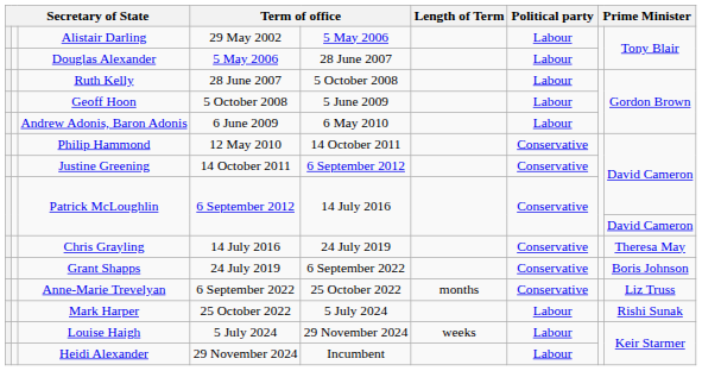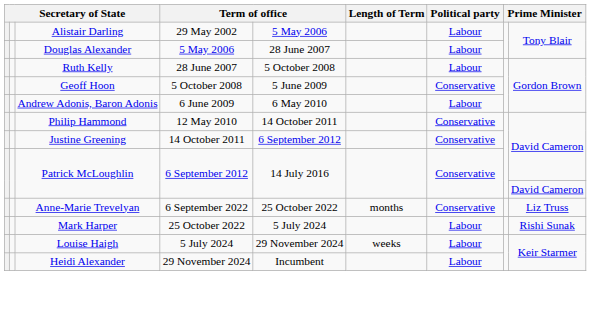 <table class="wikitable" style="text-align:center">
 <tr>
 <th colspan=3>Secretary of State</th>
 <th colspan=2 width=240>Term of office</th>
 <th>Length of Term</th>
 <th>Political party</th>
 <th colspan=2>Prime Minister</th>
 </tr>
 <tr style="height:1em">
 <th style="background-color:"></th>
 <td></td>
 <td><a href='#'>Alistair Darling</a><br></td>
 <td>29 May 2002</td>
 <td><a href='#'>5 May 2006</a></td>
 <td></td>
 <td width=100><a href='#'>Labour</a></td>
 <td rowspan=2 style="background-color:"></td>
 <td rowspan=2><a href='#'>Tony Blair</a></td>
 </tr>
 <tr style="height:1em">
 <th style="background-color:"></th>
 <td></td>
 <td><a href='#'>Douglas Alexander</a><br></td>
 <td><a href='#'>5 May 2006</a></td>
 <td>28 June 2007</td>
 <td></td>
 <td><a href='#'>Labour</a></td>
 </tr>
 <tr style="height:1em">
 <th style="background-color:"></th>
 <td></td>
 <td><a href='#'>Ruth Kelly</a><br></td>
 <td>28 June 2007</td>
 <td>5 October 2008</td>
 <td></td>
 <td><a href='#'>Labour</a></td>
 <td rowspan=3 style="background-color:"></td>
 <td rowspan=3><a href='#'>Gordon Brown</a></td>
 </tr>
 <tr style="height:1em">
 <th style="background-color:"></th>
 <td></td>
 <td><a href='#'>Geoff Hoon</a><br></td>
 <td>5 October 2008</td>
 <td>5 June 2009</td>
 <td></td>
-<td><a href='#'>Labour</a></td>
+<td><a href='#'>Conservative</a></td>
 </tr>
 <tr style="height:1em">
 <th style="background-color:"></th>
 <td></td>
 <td><a href='#'>Andrew Adonis, Baron Adonis</a></td>
 <td>6 June 2009</td>
 <td>6 May 2010</td>
 <td></td>
 <td><a href='#'>Labour</a></td>
 </tr>
 <tr style="height:1em">
 <th style="background-color:"></th>
 <td></td>
 <td><a href='#'>Philip Hammond</a><br></td>
 <td>12 May 2010</td>
 <td>14 October 2011</td>
 <td></td>
 <td><a href='#'>Conservative</a></td>
 <td rowspan=4 style="background-color:"></td>
 <td rowspan=3><a href='#'>David Cameron</a><br></td>
 </tr>
 <tr style="height:1em">
 <th style="background-color:"></th>
 <td></td>
 <td><a href='#'>Justine Greening</a><br></td>
 <td>14 October 2011</td>
 <td><a href='#'>6 September 2012</a></td>
 <td></td>
 <td><a href='#'>Conservative</a></td>
 </tr>
 <tr style= "height:45px">
 <th rowspan=2 style="background-color:"></th>
 <td rowspan=2></td>
 <td rowspan=2><a href='#'>Patrick McLoughlin</a><br></td>
 <td rowspan=2><a href='#'>6 September 2012</a></td>
 <td rowspan=2>14 July 2016</td>
 <td rowspan="2"></td>
 <td rowspan=2><a href='#'>Conservative</a></td>
 </tr>
 <tr>
 <td><a href='#'>David Cameron</a><br></td>
 </tr>
 <tr style="height:1em">
 <th style="background-color:"></th>
 <td></td>
-<td><a href='#'>Chris Grayling</a><br></td>
-<td>14 July 2016</td>
-<td>24 July 2019</td>
-<td></td>
-<td><a href='#'>Conservative</a></td>
-<td style="background-color:"></td>
-<td><a href='#'>Theresa May</a></td>
-</tr>
-<tr style="height:1em">
-<th style="background-color:"></th>
-<td></td>
-<td><a href='#'>Grant Shapps</a><br></td>
-<td>24 July 2019</td>
-<td>6 September 2022</td>
-<td></td>
-<td><a href='#'>Conservative</a></td>
-<td style="background-color:"></td>
-<td><a href='#'>Boris Johnson</a></td>
-</tr>
-<tr style="height:1em">
-<th style="background-color:"></th>
-<td></td>
 <td><a href='#'>Anne-Marie Trevelyan</a><br></td>
 <td>6 September 2022</td>
 <td>25 October 2022</td>
 <td> months</td>
 <td><a href='#'>Conservative</a></td>
 <td style="background-color:"></td>
 <td><a href='#'>Liz Truss</a></td>
 </tr>
 <tr style="height:1em">
 <th style="background-color:"></th>
 <td></td>
 <td><a href='#'>Mark Harper</a><br></td>
 <td>25 October 2022</td>
 <td>5 July 2024</td>
 <td></td>
 <td><a href='#'>Labour</a></td>
 <td style="background-color:"></td>
 <td><a href='#'>Rishi Sunak</a></td>
 </tr>
 <tr style="height:1em">
 <th style="background-color:"></th>
 <td></td>
 <td><a href='#'>Louise Haigh</a><br></td>
 <td>5 July 2024</td>
 <td>29 November 2024</td>
 <td> weeks</td>
 <td><a href='#'>Labour</a></td>
 <td rowspan="2" style="background-color:"></td>
 <td rowspan="2"><a href='#'>Keir Starmer</a></td>
 </tr>
 <tr style="height:1em">
 <th style="background-color:"></th>
 <td></td>
 <td><a href='#'>Heidi Alexander</a><br></td>
 <td>29 November 2024</td>
 <td>Incumbent</td>
 <td></td>
 <td><a href='#'>Labour</a></td>
 </tr>
 </table>
